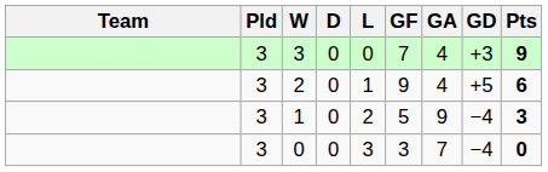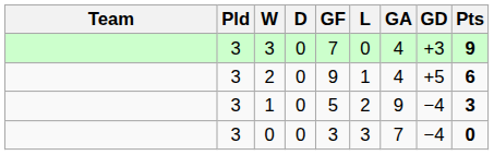 <table class="wikitable" style="text-align:center;">
 <tr>
 <th width=180>Team</th>
 <th width=20>Pld</th>
 <th width=20>W</th>
 <th width=20>D</th>
+<th width=20>GF</th>
 <th width=20>L</th>
-<th width=20>GF</th>
 <th width=20>GA</th>
 <th width=20>GD</th>
 <th width=20>Pts</th>
 </tr>
 <tr bgcolor="#ccffcc">
 <td align="left"></td>
 <td>3</td>
 <td>3</td>
 <td>0</td>
+<td>7</td>
 <td>0</td>
-<td>7</td>
 <td>4</td>
 <td>+3</td>
 <td><strong>9</strong></td>
 </tr>
 <tr>
 <td align="left"></td>
 <td>3</td>
 <td>2</td>
 <td>0</td>
+<td>9</td>
 <td>1</td>
-<td>9</td>
 <td>4</td>
 <td>+5</td>
 <td><strong>6</strong></td>
 </tr>
 <tr>
 <td align="left"></td>
 <td>3</td>
 <td>1</td>
 <td>0</td>
+<td>5</td>
 <td>2</td>
-<td>5</td>
 <td>9</td>
 <td>−4</td>
 <td><strong>3</strong></td>
 </tr>
 <tr>
 <td align="left"><em></em></td>
 <td>3</td>
 <td>0</td>
 <td>0</td>
 <td>3</td>
 <td>3</td>
 <td>7</td>
 <td>−4</td>
 <td><strong>0</strong></td>
 </tr>
 </table>
